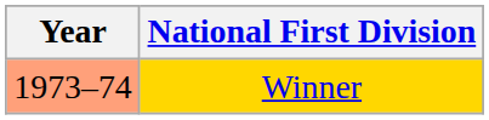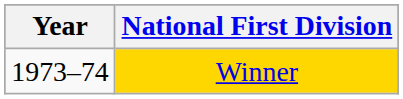 <table class="wikitable collapsible collapsed" style="text-align: center;">
 <tr>
 <th>Year</th>
 <th><a href='#'>National First Division</a></th>
 </tr>
 <tr>
-<td style="background: lightsalmon;">1973–74</td>
+<td>1973–74</td>
 <td bgcolor=gold><a href='#'>Winner</a></td>
 </tr>
 </table>
